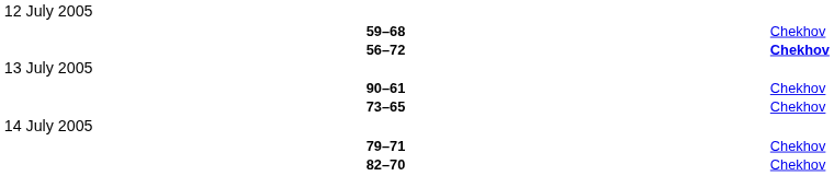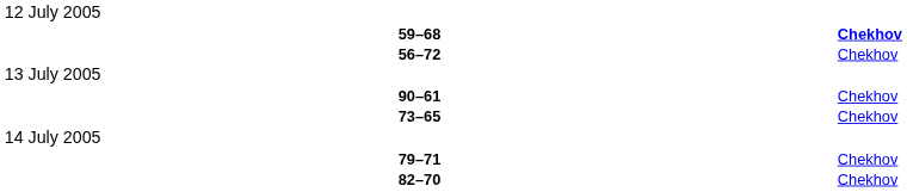 <table style="width:100%;" cellspacing="1">
 <tr>
 <th width=25%></th>
 <th width=3%></th>
 <th width=6%></th>
 <th width=3%></th>
 <th width=25%></th>
 </tr>
 <tr>
 <td>12 July 2005</td>
 </tr>
 <tr style=font-size:90%>
 <td align=right><strong></strong></td>
 <td></td>
 <td align=center><strong>59–68</strong></td>
 <td></td>
 <td><strong></strong></td>
-<td><a href='#'>Chekhov</a></td>
+<td><strong><a href='#'>Chekhov</a></strong></td>
 </tr>
 <tr style=font-size:90%>
 <td align=right><strong></strong></td>
 <td></td>
 <td align=center><strong>56–72</strong></td>
 <td></td>
 <td><strong></strong></td>
-<td><strong><a href='#'>Chekhov</a></strong></td>
+<td><a href='#'>Chekhov</a></td>
 </tr>
 <tr>
 <td>13 July 2005</td>
 </tr>
 <tr style=font-size:90%>
 <td align=right><strong></strong></td>
 <td></td>
 <td align=center><strong>90–61</strong></td>
 <td></td>
 <td><strong></strong></td>
 <td><a href='#'>Chekhov</a></td>
 </tr>
 <tr style=font-size:90%>
 <td align=right><strong></strong></td>
 <td></td>
 <td align=center><strong>73–65</strong></td>
 <td></td>
 <td><strong></strong></td>
 <td><a href='#'>Chekhov</a></td>
 </tr>
 <tr>
 <td>14 July 2005</td>
 </tr>
 <tr style=font-size:90%>
 <td align=right><strong></strong></td>
 <td></td>
 <td align=center><strong>79–71</strong></td>
 <td></td>
 <td><strong></strong></td>
 <td><a href='#'>Chekhov</a></td>
 </tr>
 <tr style=font-size:90%>
 <td align=right><strong></strong></td>
 <td></td>
 <td align=center><strong>82–70</strong></td>
 <td></td>
 <td><strong></strong></td>
 <td><a href='#'>Chekhov</a></td>
 </tr>
 </table>
